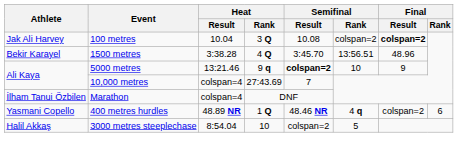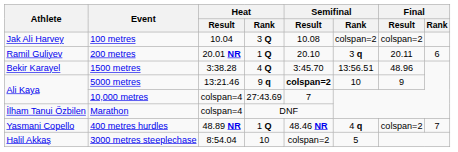 <table class="wikitable" style="font-size:90%">
 <tr>
 <th rowspan="2">Athlete</th>
 <th rowspan="2">Event</th>
 <th colspan="2">Heat</th>
 <th colspan="2">Semifinal</th>
 <th colspan="2">Final</th>
 </tr>
 <tr style="font-size:95%">
 <th>Result</th>
 <th>Rank</th>
 <th>Result</th>
 <th>Rank</th>
 <th>Result</th>
 <th>Rank</th>
 </tr>
 <tr style=text-align:center>
 <td style=text-align:left><a href='#'>Jak Ali Harvey</a></td>
 <td style=text-align:left><a href='#'>100 metres</a></td>
 <td>10.04</td>
 <td>3 <strong>Q</strong></td>
 <td>10.08</td>
 <td>colspan=2 </td>
-<td><strong>colspan=2 </strong></td>
+<td>colspan=2 </td>
+</tr>
+<tr style=text-align:center>
+<td style=text-align:left><a href='#'>Ramil Guliyev</a></td>
+<td style=text-align:left><a href='#'>200 metres</a></td>
+<td>20.01 <strong><a href='#'>NR</a></strong></td>
+<td>1 <strong>Q</strong></td>
+<td>20.10</td>
+<td>3 <strong>q</strong></td>
+<td>20.11</td>
+<td>6</td>
 </tr>
 <tr style=text-align:center>
 <td style=text-align:left><a href='#'>Bekir Karayel</a></td>
 <td style=text-align:left><a href='#'>1500 metres</a></td>
 <td>3:38.28</td>
 <td>4 <strong>Q</strong></td>
 <td>3:45.70</td>
 <td>13:56.51</td>
 <td>48.96</td>
 </tr>
 <tr style=text-align:center>
 <td style=text-align:left rowspan=2><a href='#'>Ali Kaya</a></td>
 <td style=text-align:left><a href='#'>5000 metres</a></td>
 <td>13:21.46</td>
 <td>9 <strong>q</strong></td>
 <td><strong>colspan=2 </strong></td>
 <td>10</td>
 <td>9</td>
 </tr>
 <tr style=text-align:center>
 <td style=text-align:left><a href='#'>10,000 metres</a></td>
 <td>colspan=4 </td>
 <td>27:43.69</td>
 <td>7</td>
 </tr>
 <tr style=text-align:center>
 <td style=text-align:left><a href='#'>İlham Tanui Özbilen</a></td>
 <td style=text-align:left><a href='#'>Marathon</a></td>
 <td>colspan=4 </td>
 <td colspan=2>DNF</td>
 </tr>
 <tr style=text-align:center>
 <td style=text-align:left><a href='#'>Yasmani Copello</a></td>
 <td style=text-align:left><a href='#'>400 metres hurdles</a></td>
 <td>48.89 <strong><a href='#'>NR</a></strong></td>
 <td>1 <strong>Q</strong></td>
 <td>48.46 <strong><a href='#'>NR</a></strong></td>
 <td>4 <strong>q</strong></td>
 <td>colspan=2 </td>
-<td>6</td>
+<td>7</td>
 </tr>
 <tr style=text-align:center>
 <td style=text-align:left><a href='#'>Halil Akkaş</a></td>
 <td style=text-align:left><a href='#'>3000 metres steeplechase</a></td>
 <td>8:54.04</td>
 <td>10</td>
 <td>colspan=2 </td>
 <td>5</td>
 </tr>
 </table>
